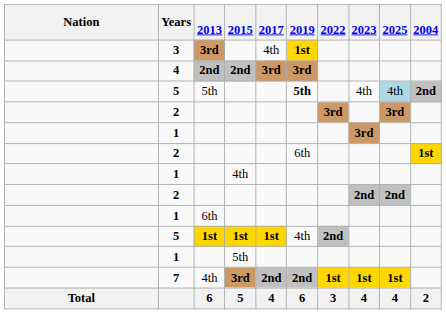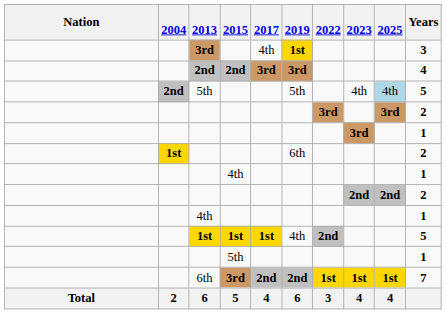 <table class="wikitable" style="text-align:center; font-size:90%">
 <tr>
 <th width=170>Nation</th>
-<th>Years</th>
+<th><br><a href='#'>2004</a></th>
 <th><br><a href='#'>2013</a></th>
 <th><br><a href='#'>2015</a></th>
 <th><br><a href='#'>2017</a></th>
 <th><br><a href='#'>2019</a></th>
 <th><br><a href='#'>2022</a></th>
 <th><br><a href='#'>2023</a></th>
 <th><br><a href='#'>2025</a></th>
-<th><br><a href='#'>2004</a></th>
+<th>Years</th>
 </tr>
 <tr>
 <td align=left></td>
-<td><strong>3</strong></td>
+<td></td>
 <td bgcolor=#cc9966><strong>3rd</strong></td>
 <td></td>
 <td>4th</td>
 <td bgcolor=gold><strong>1st</strong></td>
 <td></td>
 <td></td>
 <td></td>
-<td></td>
+<td><strong>3</strong></td>
 </tr>
 <tr>
 <td align=left></td>
-<td><strong>4</strong></td>
+<td></td>
 <td bgcolor=silver><strong>2nd</strong></td>
 <td bgcolor=silver><strong>2nd</strong></td>
 <td bgcolor=#cc9966><strong>3rd</strong></td>
 <td bgcolor="#cc9966"><strong>3rd</strong></td>
 <td></td>
 <td></td>
 <td></td>
-<td></td>
+<td><strong>4</strong></td>
 </tr>
 <tr>
 <td align=left></td>
-<td><strong>5</strong></td>
+<td bgcolor=silver><strong>2nd</strong></td>
 <td>5th</td>
 <td></td>
 <td></td>
-<td><strong>5th</strong></td>
+<td>5th</td>
 <td></td>
 <td>4th</td>
 <td style="background: lightblue;">4th</td>
-<td bgcolor=silver><strong>2nd</strong></td>
+<td><strong>5</strong></td>
 </tr>
 <tr>
 <td align=left></td>
-<td><strong>2</strong></td>
+<td></td>
 <td></td>
 <td></td>
 <td></td>
 <td></td>
 <td bgcolor=#cc9966><strong>3rd</strong></td>
 <td></td>
 <td bgcolor=#cc9966><strong>3rd</strong></td>
-<td></td>
+<td><strong>2</strong></td>
 </tr>
 <tr>
 <td align=left></td>
-<td><strong>1</strong></td>
+<td></td>
 <td></td>
 <td></td>
 <td></td>
 <td></td>
 <td></td>
 <td bgcolor="#cc9966"><strong>3rd</strong></td>
 <td></td>
-<td></td>
+<td><strong>1</strong></td>
 </tr>
 <tr>
 <td align=left></td>
-<td><strong>2</strong></td>
+<td bgcolor=gold><strong>1st</strong></td>
 <td></td>
 <td></td>
 <td></td>
 <td>6th</td>
 <td></td>
 <td></td>
 <td></td>
-<td bgcolor=gold><strong>1st</strong></td>
+<td><strong>2</strong></td>
 </tr>
 <tr>
 <td align=left></td>
+<td></td>
+<td></td>
+<td>4th</td>
+<td></td>
+<td></td>
+<td></td>
+<td></td>
+<td></td>
 <td><strong>1</strong></td>
+</tr>
+<tr>
+<td align=left></td>
+<td></td>
+<td></td>
+<td></td>
+<td></td>
+<td></td>
+<td></td>
+<td bgcolor=silver><strong>2nd</strong></td>
+<td bgcolor=silver><strong>2nd</strong></td>
+<td><strong>2</strong></td>
+</tr>
+<tr>
+<td align=left></td>
 <td></td>
 <td>4th</td>
 <td></td>
 <td></td>
 <td></td>
 <td></td>
 <td></td>
 <td></td>
+<td><strong>1</strong></td>
 </tr>
 <tr>
 <td align=left></td>
-<td><strong>2</strong></td>
 <td></td>
-<td></td>
-<td></td>
-<td></td>
-<td></td>
-<td bgcolor=silver><strong>2nd</strong></td>
-<td bgcolor=silver><strong>2nd</strong></td>
-<td></td>
-</tr>
-<tr>
-<td align=left></td>
-<td><strong>1</strong></td>
-<td>6th</td>
-<td></td>
-<td></td>
-<td></td>
-<td></td>
-<td></td>
-<td></td>
-<td></td>
-</tr>
-<tr>
-<td align=left></td>
-<td><strong>5</strong></td>
 <td bgcolor=gold><strong>1st</strong></td>
 <td bgcolor=gold><strong>1st</strong></td>
 <td bgcolor=gold><strong>1st</strong></td>
 <td>4th</td>
 <td bgcolor=silver><strong>2nd</strong></td>
 <td></td>
 <td></td>
-<td></td>
+<td><strong>5</strong></td>
 </tr>
 <tr>
 <td align=left></td>
-<td><strong>1</strong></td>
+<td></td>
 <td></td>
 <td>5th</td>
 <td></td>
 <td></td>
 <td></td>
 <td></td>
 <td></td>
-<td></td>
+<td><strong>1</strong></td>
 </tr>
 <tr>
 <td align=left></td>
-<td><strong>7</strong></td>
-<td>4th</td>
+<td></td>
+<td>6th</td>
 <td bgcolor="#cc9966"><strong>3rd</strong></td>
 <td bgcolor=silver><strong>2nd</strong></td>
 <td bgcolor=silver><strong>2nd</strong></td>
 <td bgcolor=gold><strong>1st</strong></td>
 <td bgcolor=gold><strong>1st</strong></td>
 <td bgcolor=gold><strong>1st</strong></td>
-<td></td>
+<td><strong>7</strong></td>
 </tr>
 <tr>
 <th>Total</th>
-<th></th>
+<th>2</th>
 <th>6</th>
 <th>5</th>
 <th>4</th>
 <th>6</th>
 <th>3</th>
 <th>4</th>
 <th>4</th>
-<th>2</th>
+<th></th>
 </tr>
 </table>
